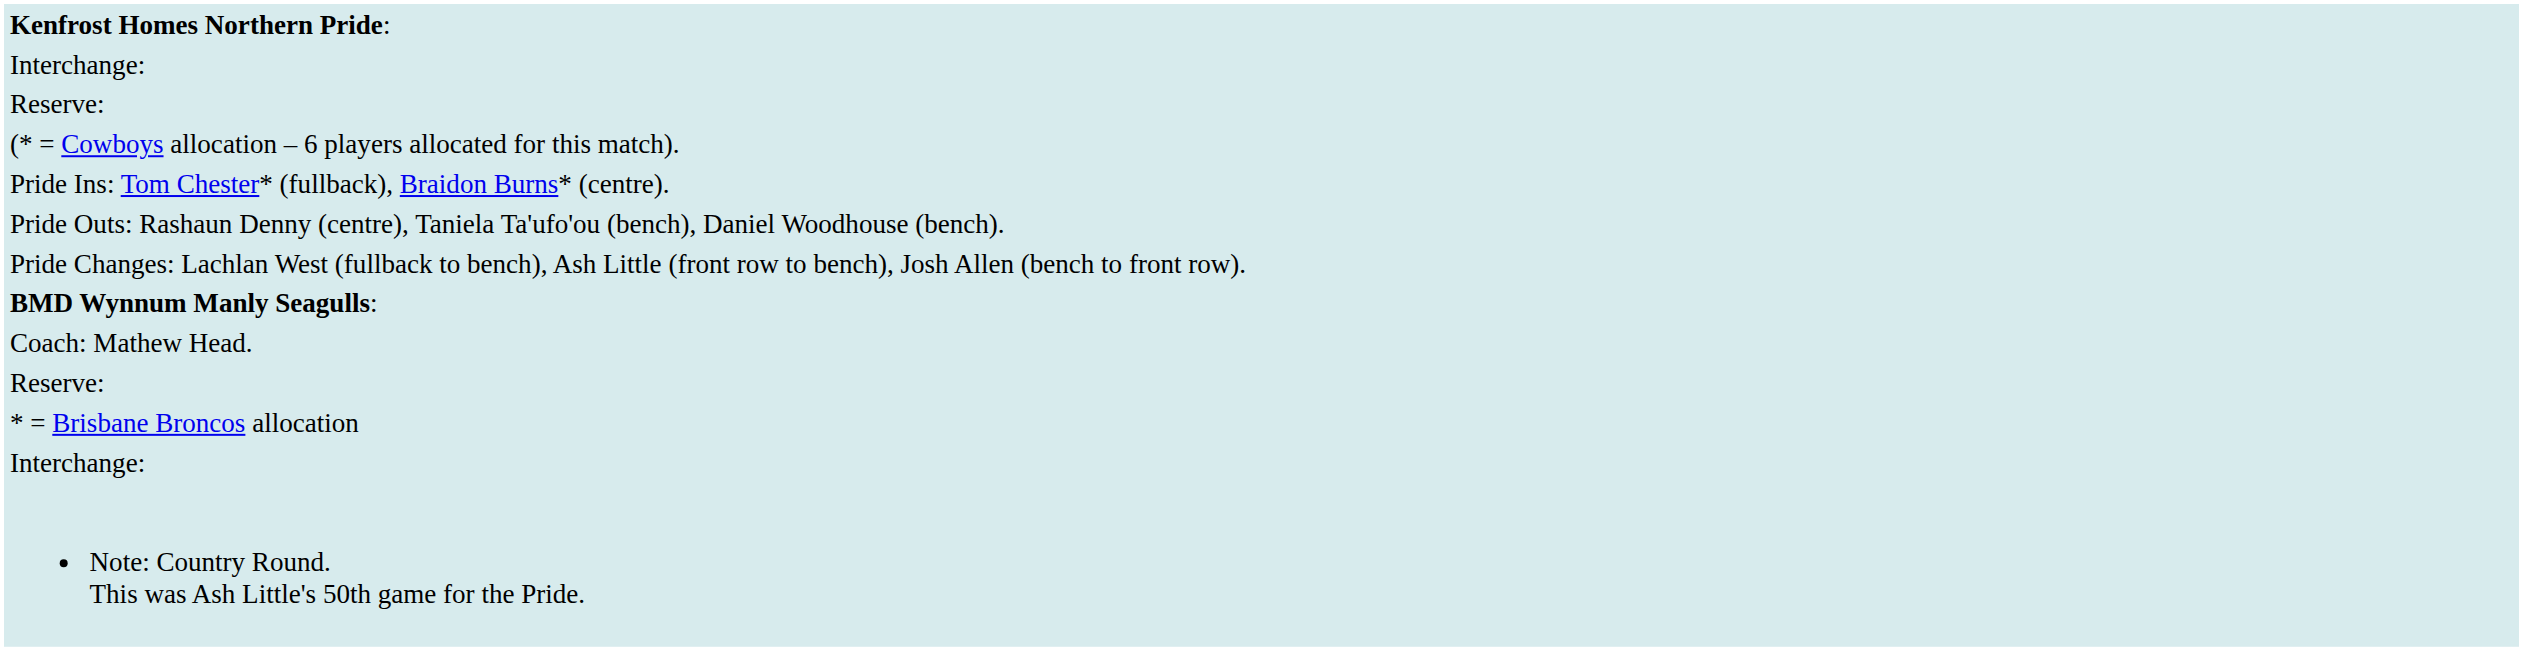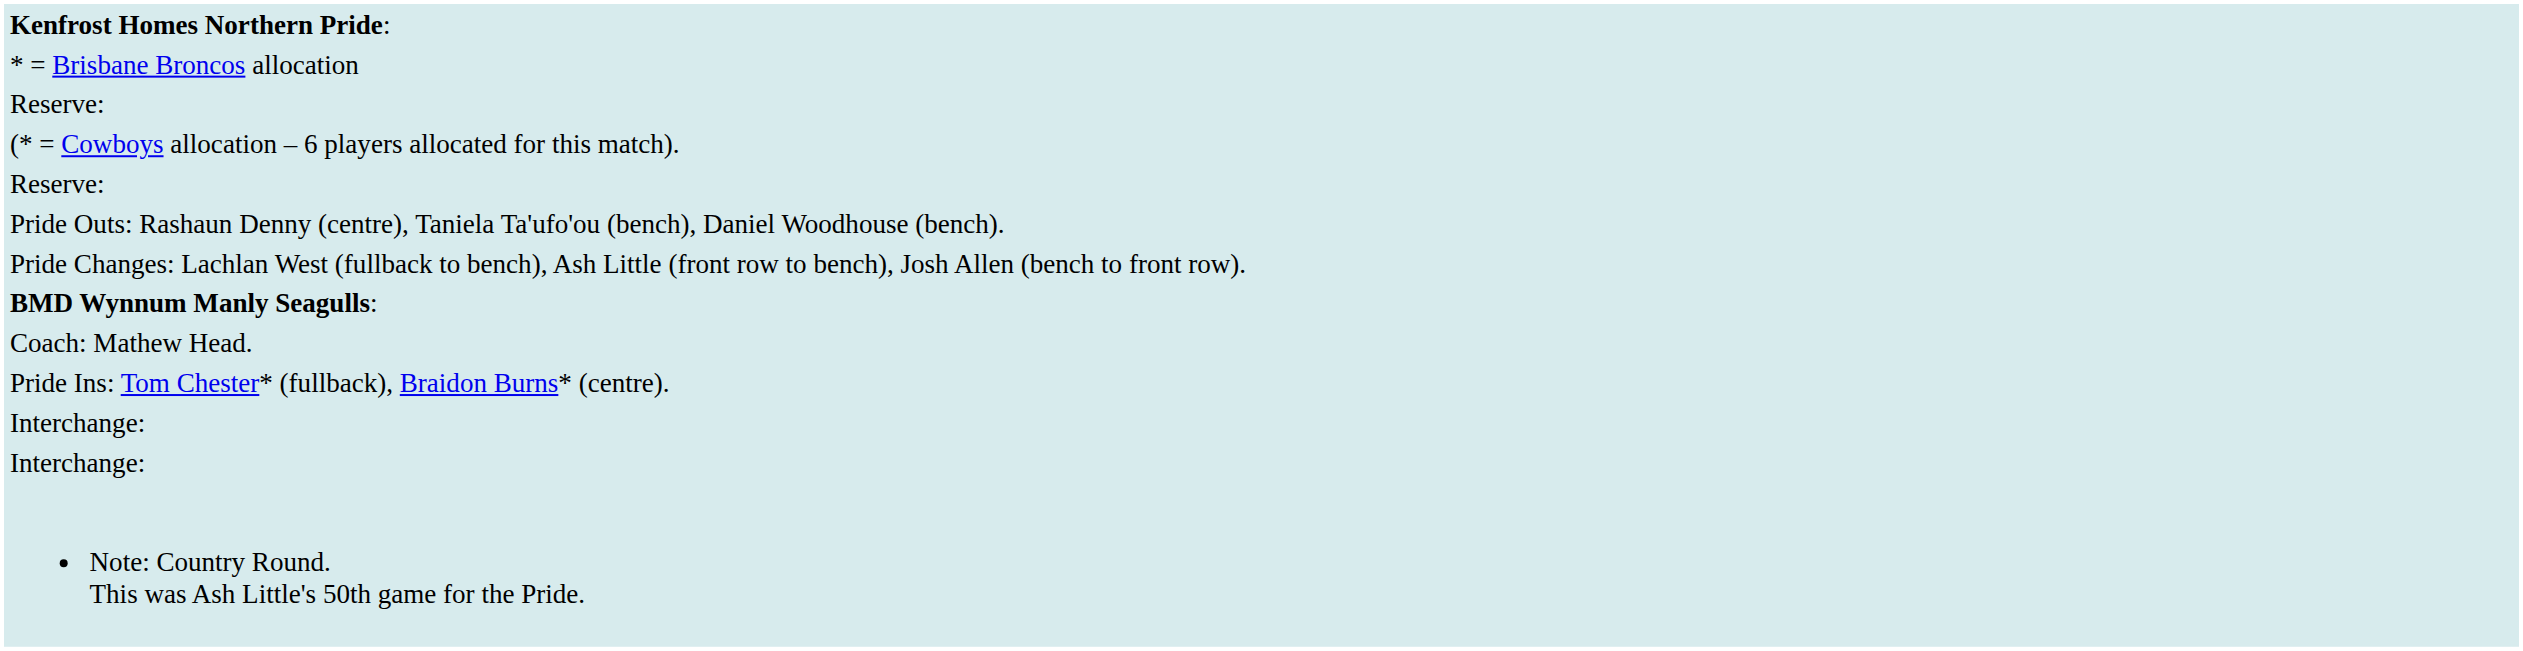 <table style="background:#d7ebed; font-size:85%; width:100%;">
 <tr>
 <td><strong>Kenfrost Homes Northern Pride</strong>:             </td>
 </tr>
 <tr>
-<td>Interchange:    </td>
+<td>* = <a href='#'>Brisbane Broncos</a> allocation</td>
 </tr>
 <tr>
 <td>Reserve: </td>
 </tr>
 <tr>
 <td>(* = <a href='#'>Cowboys</a> allocation – 6 players allocated for this match).</td>
 </tr>
 <tr>
-<td>Pride Ins: <a href='#'>Tom Chester</a>* (fullback), <a href='#'>Braidon Burns</a>* (centre).</td>
+<td>Reserve: </td>
 </tr>
 <tr>
 <td>Pride Outs: Rashaun Denny (centre), Taniela Ta'ufo'ou (bench), Daniel Woodhouse (bench).</td>
 </tr>
 <tr>
 <td>Pride Changes: Lachlan West (fullback to bench), Ash Little (front row to bench), Josh Allen (bench to front row).</td>
 </tr>
 <tr>
 <td><strong>BMD Wynnum Manly Seagulls</strong>:             </td>
 </tr>
 <tr>
 <td>Coach: Mathew Head.</td>
 </tr>
 <tr>
-<td>Reserve: </td>
+<td>Pride Ins: <a href='#'>Tom Chester</a>* (fullback), <a href='#'>Braidon Burns</a>* (centre).</td>
 </tr>
 <tr>
-<td>* = <a href='#'>Brisbane Broncos</a> allocation</td>
+<td>Interchange:    </td>
 </tr>
 <tr>
 <td>Interchange:    </td>
 </tr>
 <tr>
 <td><br><ul><li>Note: Country Round.<br>This was Ash Little's 50th game for the Pride.</li></ul></td>
 </tr>
 <tr>
 </tr>
 </table>
